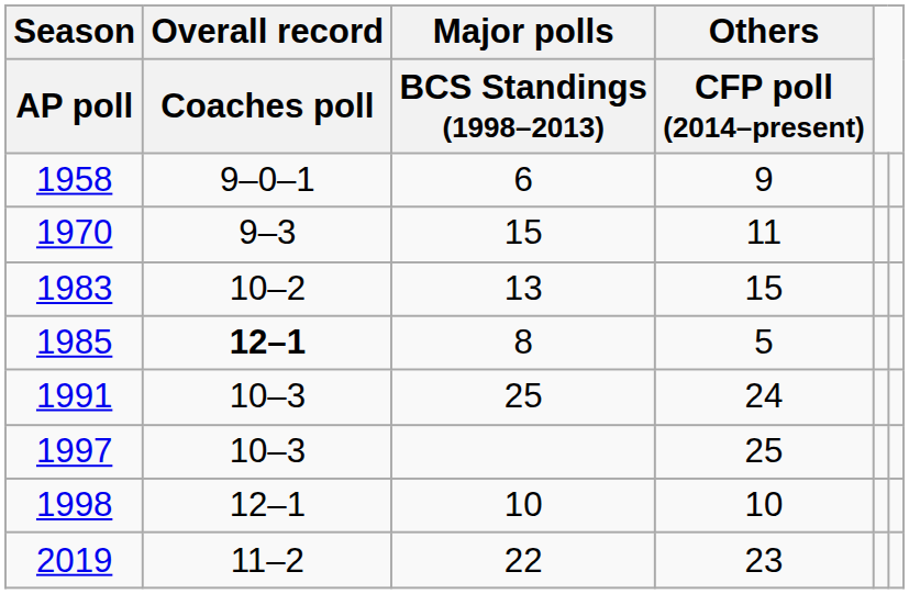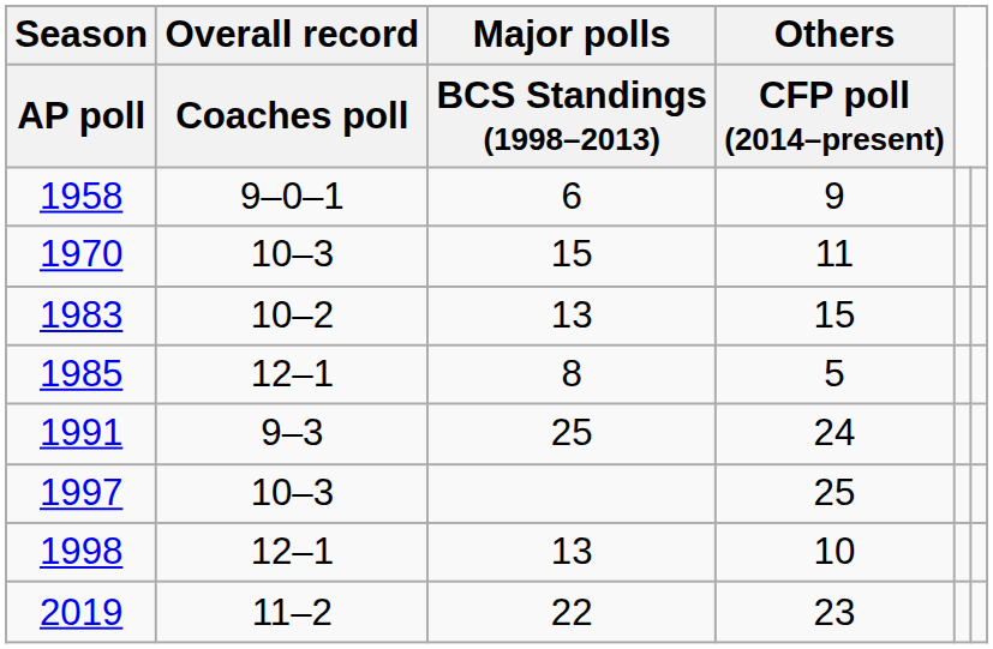 <table class="wikitable" style="text-align:center">
 <tr>
 <th>Season</th>
 <th>Overall record</th>
 <th>Major polls</th>
 <th>Others</th>
 </tr>
 <tr>
 <th>AP poll</th>
 <th>Coaches poll</th>
 <th>BCS Standings<br><small>(1998–2013)</small></th>
 <th>CFP poll<br><small>(2014–present)</small></th>
 </tr>
 <tr>
 <td><a href='#'>1958</a></td>
 <td>9–0–1</td>
 <td>6</td>
 <td>9</td>
 <td></td>
 <td></td>
 </tr>
 <tr>
 <td><a href='#'>1970</a></td>
-<td>9–3</td>
+<td>10–3</td>
 <td>15</td>
 <td>11</td>
 <td></td>
 <td></td>
 </tr>
 <tr>
 <td><a href='#'>1983</a></td>
 <td>10–2</td>
 <td>13</td>
 <td>15</td>
 <td></td>
 <td></td>
 </tr>
 <tr>
 <td><a href='#'>1985</a></td>
-<td><strong>12–1</strong></td>
+<td>12–1</td>
 <td>8</td>
 <td>5</td>
 <td></td>
 <td></td>
 </tr>
 <tr>
 <td><a href='#'>1991</a></td>
-<td>10–3</td>
+<td>9–3</td>
 <td>25</td>
 <td>24</td>
 <td></td>
 <td></td>
 </tr>
 <tr>
 <td><a href='#'>1997</a></td>
 <td>10–3</td>
 <td></td>
 <td>25</td>
 <td></td>
 <td></td>
 </tr>
 <tr>
 <td><a href='#'>1998</a></td>
 <td>12–1</td>
-<td>10</td>
+<td>13</td>
 <td>10</td>
 <td></td>
 <td></td>
 </tr>
 <tr>
 <td><a href='#'>2019</a></td>
 <td>11–2</td>
 <td>22</td>
 <td>23</td>
 <td></td>
 <td></td>
 </tr>
 </table>
